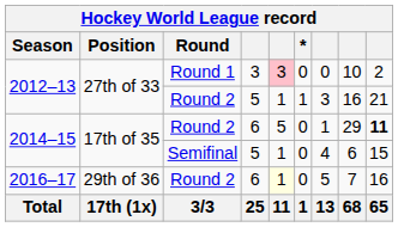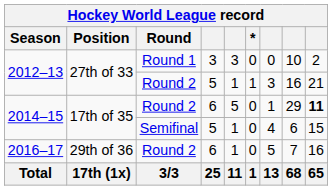 <table class="wikitable" style="text-align: center;">
 <tr>
 <th colspan=9><a href='#'>Hockey World League</a> record</th>
 </tr>
 <tr>
 <th>Season</th>
 <th>Position</th>
 <th>Round</th>
 <th></th>
 <th></th>
 <th> *</th>
 <th></th>
 <th></th>
 <th></th>
 </tr>
 <tr>
 <td rowspan=2><a href='#'>2012–13</a></td>
 <td rowspan=2>27th of 33</td>
 <td><a href='#'>Round 1</a></td>
 <td>3</td>
-<td style="background: pink;">3</td>
+<td>3</td>
 <td>0</td>
 <td>0</td>
 <td>10</td>
 <td>2</td>
 </tr>
 <tr>
 <td><a href='#'>Round 2</a></td>
 <td>5</td>
 <td>1</td>
 <td>1</td>
 <td>3</td>
 <td>16</td>
 <td>21</td>
 </tr>
 <tr>
 <td rowspan=2><a href='#'>2014–15</a></td>
 <td rowspan=2>17th of 35</td>
 <td><a href='#'>Round 2</a></td>
 <td>6</td>
 <td>5</td>
 <td>0</td>
 <td>1</td>
 <td>29</td>
 <td><strong>11</strong></td>
 </tr>
 <tr>
 <td><a href='#'>Semifinal</a></td>
 <td>5</td>
 <td>1</td>
 <td>0</td>
 <td>4</td>
 <td>6</td>
 <td>15</td>
 </tr>
 <tr>
 <td><a href='#'>2016–17</a></td>
 <td>29th of 36</td>
 <td><a href='#'>Round 2</a></td>
 <td>6</td>
-<td style="background: lightyellow;">1</td>
+<td>1</td>
 <td>0</td>
 <td>5</td>
 <td>7</td>
 <td>16</td>
 </tr>
 <tr>
 <th>Total</th>
 <th>17th (1x)</th>
 <th>3/3</th>
 <th>25</th>
 <th>11</th>
 <th>1</th>
 <th>13</th>
 <th>68</th>
 <th>65</th>
 </tr>
 </table>
